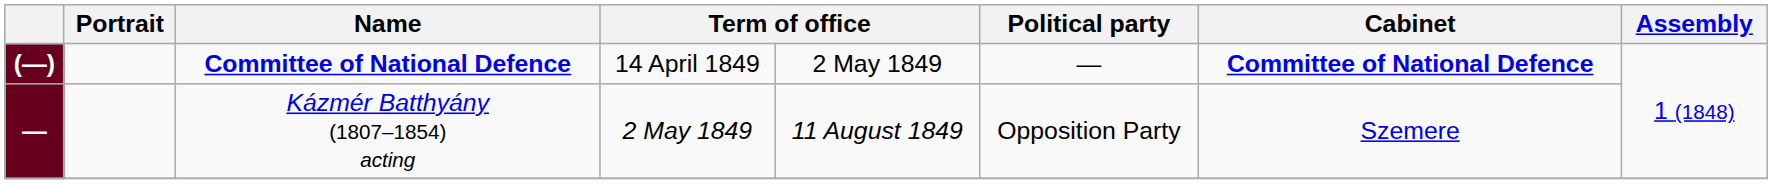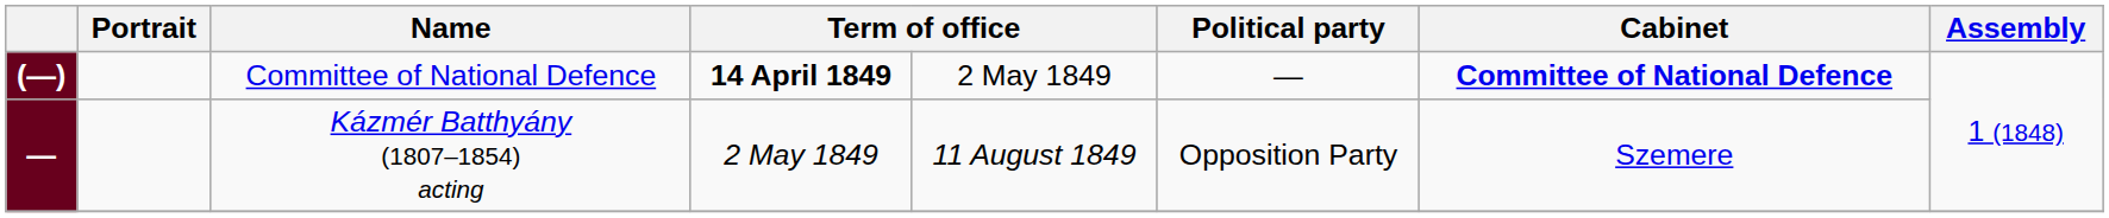 <table class="wikitable" style="width:90%; text-align:center;">
 <tr>
 <th></th>
 <th>Portrait</th>
 <th>Name<br></th>
 <th colspan=2>Term of office</th>
 <th>Political party</th>
 <th>Cabinet</th>
 <th><a href='#'>Assembly</a><br></th>
 </tr>
 <tr>
 <th style="background-color:#68001D; color:white">(—)</th>
 <td></td>
-<td><strong><a href='#'>Committee of National Defence</a></strong></td>
-<td>14 April 1849</td>
+<td><a href='#'>Committee of National Defence</a></td>
+<td><strong>14 April 1849</strong></td>
 <td>2 May 1849</td>
 <td>—</td>
 <td><strong><a href='#'>Committee of National Defence</a></strong></td>
 <td rowspan="2"><a href='#'>1 <small>(1848)</small></a></td>
 </tr>
 <tr>
 <th style="background-color:#68001D; color:white">—</th>
 <td></td>
 <td><em><a href='#'>Kázmér Batthyány</a></em><br><small>(1807–1854)<br><em>acting</em></small></td>
 <td><em>2 May 1849</em></td>
 <td><em>11 August 1849</em></td>
 <td>Opposition Party</td>
 <td><a href='#'>Szemere</a></td>
 </tr>
 <tr>
 </tr>
 </table>
